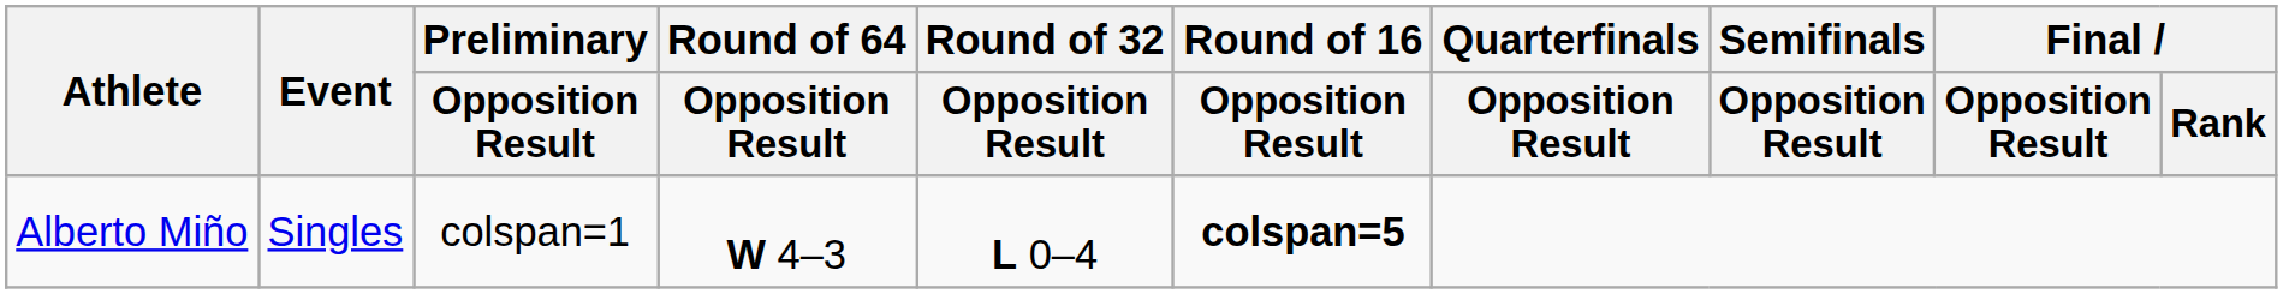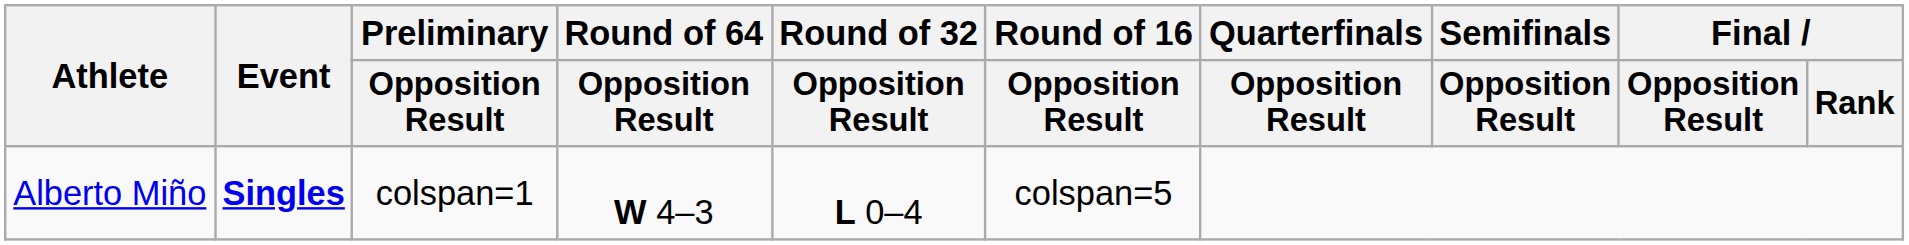 <table class=wikitable style=font-size:90%;text-align:center>
 <tr>
 <th rowspan=2>Athlete</th>
 <th rowspan=2>Event</th>
 <th>Preliminary</th>
 <th>Round of 64</th>
 <th>Round of 32</th>
 <th>Round of 16</th>
 <th>Quarterfinals</th>
 <th>Semifinals</th>
 <th colspan=2>Final / </th>
 </tr>
 <tr style=font-size:95%>
 <th>Opposition<br>Result</th>
 <th>Opposition<br>Result</th>
 <th>Opposition<br>Result</th>
 <th>Opposition<br>Result</th>
 <th>Opposition<br>Result</th>
 <th>Opposition<br>Result</th>
 <th>Opposition<br>Result</th>
 <th>Rank</th>
 </tr>
 <tr>
 <td align=left><a href='#'>Alberto Miño</a></td>
-<td align=left><a href='#'>Singles</a></td>
+<td align=left><strong><a href='#'>Singles</a></strong></td>
 <td>colspan=1 </td>
 <td><br><strong>W</strong> 4–3</td>
 <td><br><strong>L</strong> 0–4</td>
-<td><strong>colspan=5 </strong></td>
+<td>colspan=5 </td>
 </tr>
 </table>
